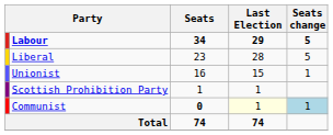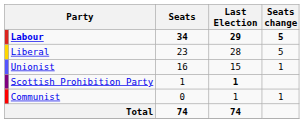 <table class="wikitable sortable">
 <tr>
 <th style="width:200px"  colspan=2>Party</th>
 <th style="width:70px;">Seats</th>
 <th style="width:70px;">Last Election</th>
 <th style="width:40px;">Seats change</th>
 </tr>
 <tr>
 <td bgcolor="#DC241f"></td>
 <td><strong><a href='#'>Labour</a></strong></td>
 <td align=center><strong>34</strong></td>
 <td align=center><strong>29</strong></td>
 <td align=center> <strong>5</strong></td>
 </tr>
 <tr>
 <td bgcolor="#FFD700"></td>
 <td><a href='#'>Liberal</a></td>
 <td align=center>23</td>
 <td align=center>28</td>
 <td align=center> 5</td>
 </tr>
 <tr>
 <td bgcolor="#5555FF"></td>
 <td><a href='#'>Unionist</a></td>
 <td align=center>16</td>
 <td align=center>15</td>
 <td align=center> 1</td>
 </tr>
 <tr>
 <td bgcolor="#800080"></td>
 <td><a href='#'>Scottish Prohibition Party</a></td>
 <td align=center>1</td>
-<td align=center>1</td>
+<td align=center><strong>1</strong></td>
 <td align=center></td>
 </tr>
 <tr>
 <td bgcolor="#FF0000"></td>
 <td><a href='#'>Communist</a></td>
-<td align=center><strong>0</strong></td>
-<td align=center style="background: lightyellow;">1</td>
-<td align=center style="background: lightblue;"> 1</td>
+<td align=center>0</td>
+<td align=center>1</td>
+<td align=center> 1</td>
 </tr>
 <tr>
 <th colspan=2 style=text-align:right>Total</th>
 <td align=center><strong>74</strong></td>
 <td align=center><strong>74</strong></td>
 <td align=center></td>
 </tr>
 <tr>
 </tr>
 </table>
